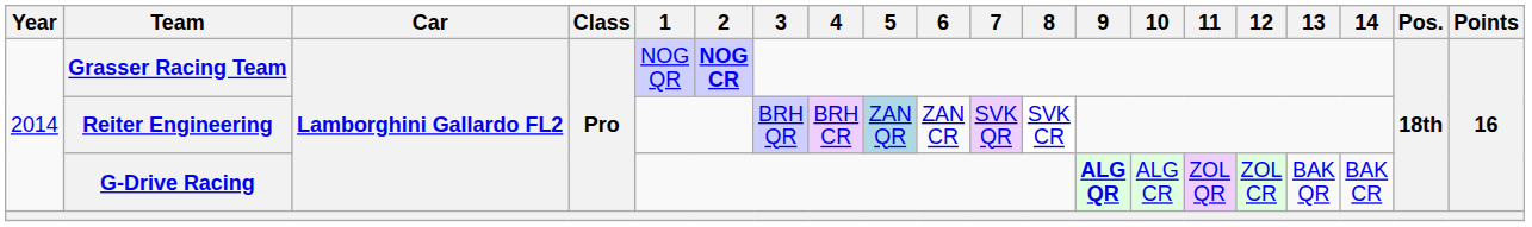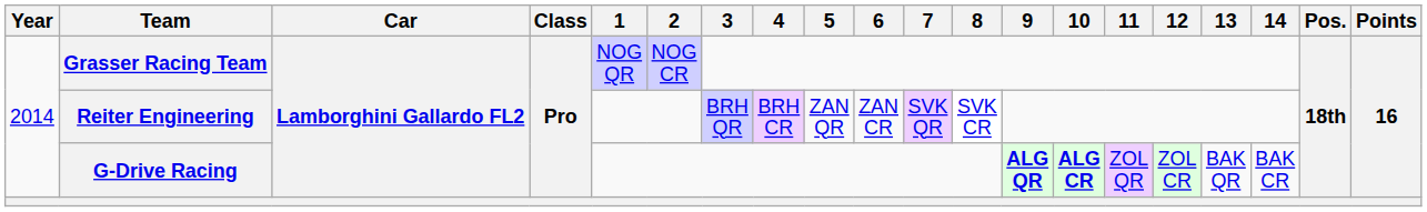 <table class="wikitable" border="1" style="text-align:center; font-size:85%;">
 <tr>
 <th>Year</th>
 <th>Team</th>
 <th>Car</th>
 <th>Class</th>
 <th>1</th>
 <th>2</th>
 <th>3</th>
 <th>4</th>
 <th>5</th>
 <th>6</th>
 <th>7</th>
 <th>8</th>
 <th>9</th>
 <th>10</th>
 <th>11</th>
 <th>12</th>
 <th>13</th>
 <th>14</th>
 <th>Pos.</th>
 <th>Points</th>
 </tr>
 <tr>
 <td rowspan=3><a href='#'>2014</a></td>
 <th nowrap><a href='#'>Grasser Racing Team</a></th>
 <th rowspan=3 nowrap><a href='#'>Lamborghini Gallardo FL2</a></th>
 <th rowspan=3>Pro</th>
 <td style="background:#CFCFFF;"><a href='#'>NOG<br>QR</a><br></td>
-<td style="background:#CFCFFF;"><strong><a href='#'>NOG<br>CR</a><br></strong></td>
+<td style="background:#CFCFFF;"><a href='#'>NOG<br>CR</a><br></td>
 <td colspan=12></td>
 <th rowspan=3>18th</th>
 <th rowspan=3>16</th>
 </tr>
 <tr>
 <th nowrap><a href='#'>Reiter Engineering</a></th>
 <td colspan=2></td>
 <td style="background:#CFCFFF;"><a href='#'>BRH<br>QR</a><br></td>
 <td style="background:#EFCFFF;"><a href='#'>BRH<br>CR</a><br></td>
-<td style="background: lightblue;"><a href='#'>ZAN<br>QR</a></td>
+<td><a href='#'>ZAN<br>QR</a></td>
 <td><a href='#'>ZAN<br>CR</a></td>
 <td style="background:#EFCFFF;"><a href='#'>SVK<br>QR</a><br></td>
 <td style="background:#FFFFFF;"><a href='#'>SVK<br>CR</a><br></td>
 <td colspan=6></td>
 </tr>
 <tr>
 <th nowrap><a href='#'>G-Drive Racing</a></th>
 <td colspan=8></td>
 <td style="background:#DFFFDF;"><strong><a href='#'>ALG<br>QR</a></strong><br></td>
-<td style="background:#DFFFDF;"><a href='#'>ALG<br>CR</a><br></td>
+<td style="background:#DFFFDF;"><strong><a href='#'>ALG<br>CR</a><br></strong></td>
 <td style="background:#EFCFFF;"><a href='#'>ZOL<br>QR</a><br></td>
 <td style="background:#DFFFDF;"><a href='#'>ZOL<br>CR</a><br></td>
 <td><a href='#'>BAK<br>QR</a></td>
 <td><a href='#'>BAK<br>CR</a></td>
 </tr>
 <tr>
 <th colspan="20"></th>
 </tr>
 </table>
